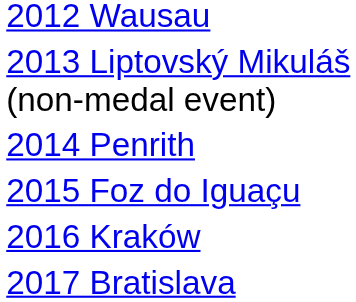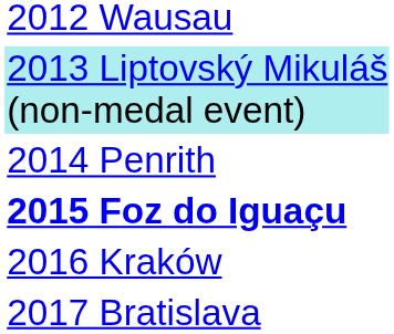 <table>
 <tr>
 <td><a href='#'>2012 Wausau</a></td>
 <td></td>
 <td></td>
 <td></td>
 </tr>
 <tr>
-<td><a href='#'>2013 Liptovský Mikuláš</a><br>(non-medal event)</td>
+<td style="background: paleturquoise;"><a href='#'>2013 Liptovský Mikuláš</a><br>(non-medal event)</td>
 <td></td>
 <td></td>
 <td></td>
 </tr>
 <tr>
 <td><a href='#'>2014 Penrith</a></td>
 <td></td>
 <td></td>
 <td></td>
 </tr>
 <tr>
-<td><a href='#'>2015 Foz do Iguaçu</a></td>
+<td><strong><a href='#'>2015 Foz do Iguaçu</a></strong></td>
 <td></td>
 <td></td>
 <td></td>
 </tr>
 <tr>
 <td><a href='#'>2016 Kraków</a></td>
 <td></td>
 <td></td>
 <td></td>
 </tr>
 <tr>
 <td><a href='#'>2017 Bratislava</a></td>
 <td></td>
 <td></td>
 <td></td>
 </tr>
 </table>
